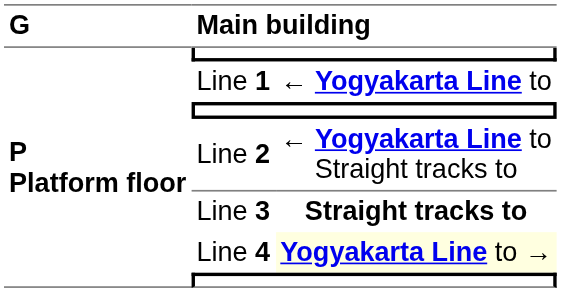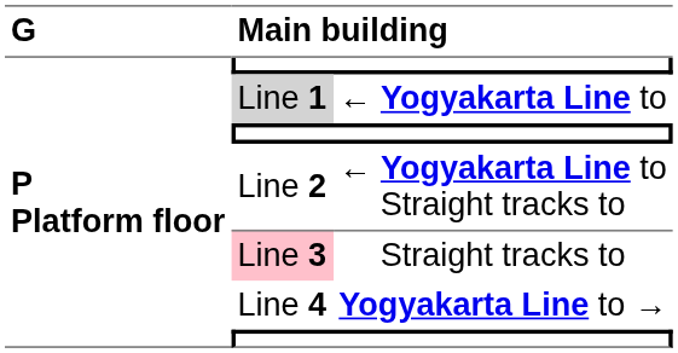 <table cellspacing="0" cellpadding="3">
 <tr>
 <td style="border-top:solid 1px gray;border-bottom:solid 1px gray;"><strong>G</strong></td>
 <td colspan="2" style="border-top:solid 1px gray;border-bottom:solid 1px gray;"><strong>Main building</strong></td>
 </tr>
 <tr>
 <td rowspan="7" style="border-bottom:solid 1px gray;"><strong>P</strong><br><strong>Platform floor</strong></td>
 <td colspan="2" style="border-bottom:solid 2px black;border-left:solid 2px black;border-right:solid 2px black;text-align:center"></td>
 </tr>
 <tr>
-<td>Line <strong>1</strong></td>
+<td style="background: lightgrey;">Line <strong>1</strong></td>
 <td style="text-align:center">←   <strong><a href='#'>Yogyakarta Line</a></strong> to </td>
 </tr>
 <tr>
 <td colspan="2" style="border-top:solid 2px black;border-bottom:solid 2px black;border-left:solid 2px black;border-right:solid 2px black;text-align:center"></td>
 </tr>
 <tr>
 <td>Line <strong>2</strong></td>
 <td style="text-align:center">←   <strong><a href='#'>Yogyakarta Line</a></strong> to <br>Straight tracks to </td>
 </tr>
 <tr>
-<td style="border-top:solid 1px gray;">Line <strong>3</strong></td>
-<td style="border-top:solid 1px gray;text-align:center"><strong>Straight tracks to </strong></td>
+<td style="background: pink; border-top:solid 1px gray;">Line <strong>3</strong></td>
+<td style="border-top:solid 1px gray;text-align:center">Straight tracks to </td>
 </tr>
 <tr>
 <td>Line <strong>4</strong></td>
-<td style="background: lightyellow;"> <strong><a href='#'>Yogyakarta Line</a></strong> to   →</td>
+<td> <strong><a href='#'>Yogyakarta Line</a></strong> to   →</td>
 </tr>
 <tr>
 <td colspan="2" style="border-top:solid 2px;border-left:solid 2px;border-right:solid 2px;border-bottom:solid 1px grey;text-align:center"></td>
 </tr>
 <tr>
 </tr>
 </table>
